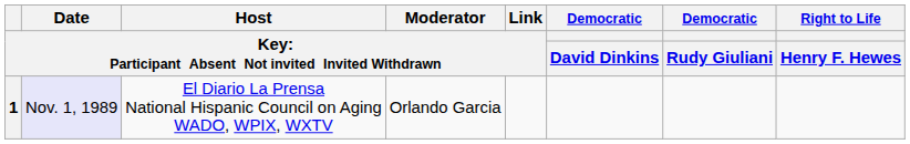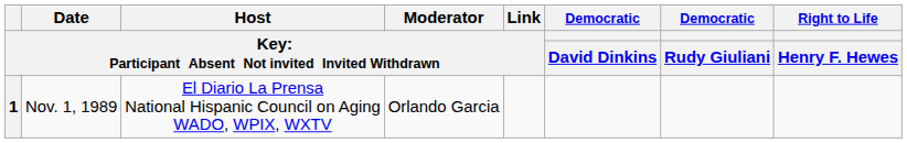 <table class="wikitable" style="text-align:center;">
 <tr>
 <th scope="col"></th>
 <th scope="col">Date</th>
 <th scope="col">Host</th>
 <th scope="col">Moderator</th>
 <th scope="col">Link</th>
 <th scope="col"><small><a href='#'>Democratic</a></small></th>
 <th scope="col"><small><a href='#'>Democratic</a></small></th>
 <th scope="col"><small><a href='#'>Right to Life</a></small></th>
 </tr>
 <tr>
 <th colspan="5" rowspan="2">Key:<br> <small>Participant </small>  <small>Absent </small>  <small>Not invited </small>  <small>Invited  Withdrawn</small></th>
 <th scope="col" style="background:"></th>
 <th scope="col" style="background:"></th>
 <th scope="col" style="background:"></th>
 </tr>
 <tr>
 <th scope="col"><a href='#'>David Dinkins</a></th>
 <th scope="col"><a href='#'>Rudy Giuliani</a></th>
 <th scope="col"><a href='#'>Henry F. Hewes</a></th>
 </tr>
 <tr>
 <th>1</th>
-<td style="background: lavender; white-space:nowrap;">Nov. 1, 1989</td>
+<td style="white-space:nowrap;">Nov. 1, 1989</td>
 <td style="white-space:nowrap;"><a href='#'>El Diario La Prensa</a><br>National Hispanic Council on Aging<br><a href='#'>WADO</a>, <a href='#'>WPIX</a>, <a href='#'>WXTV</a></td>
 <td style="white-space:nowrap;">Orlando Garcia</td>
 <td style="white-space:nowrap;"></td>
 <td></td>
 <td></td>
 <td></td>
 </tr>
 </table>
